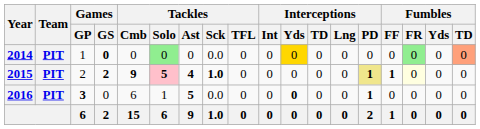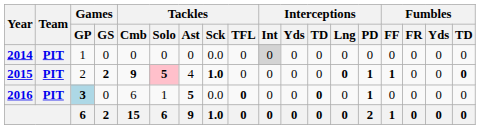 <table class="wikitable" style="text-align:center">
 <tr>
 <th rowspan="2">Year</th>
 <th rowspan="2">Team</th>
 <th colspan="2">Games</th>
 <th colspan="5">Tackles</th>
 <th colspan="5">Interceptions</th>
 <th colspan="4">Fumbles</th>
 </tr>
 <tr>
 <th>GP</th>
 <th>GS</th>
 <th>Cmb</th>
 <th>Solo</th>
 <th>Ast</th>
 <th>Sck</th>
 <th>TFL</th>
 <th>Int</th>
 <th>Yds</th>
 <th>TD</th>
 <th>Lng</th>
 <th>PD</th>
 <th>FF</th>
 <th>FR</th>
 <th>Yds</th>
 <th>TD</th>
 </tr>
 <tr>
 <th><a href='#'>2014</a></th>
 <th><a href='#'>PIT</a></th>
 <td>1</td>
-<td><strong>0</strong></td>
-<td>0</td>
-<td style="background: lightgreen;">0</td>
-<td>0</td>
-<td>0.0</td>
-<td>0</td>
-<td>0</td>
-<td style="background: gold;">0</td>
 <td>0</td>
 <td>0</td>
 <td>0</td>
 <td>0</td>
-<td style="background: lightgreen;">0</td>
+<td>0.0</td>
 <td>0</td>
-<td style="background: lightsalmon;">0</td>
+<td style="background: lightgrey;">0</td>
+<td>0</td>
+<td>0</td>
+<td>0</td>
+<td>0</td>
+<td>0</td>
+<td>0</td>
+<td>0</td>
+<td>0</td>
 </tr>
 <tr>
 <th><a href='#'>2015</a></th>
 <th><a href='#'>PIT</a></th>
 <td>2</td>
 <td><strong>2</strong></td>
 <td><strong>9</strong></td>
 <td style="background: pink;"><strong>5</strong></td>
-<td><strong>4</strong></td>
+<td>4</td>
 <td><strong>1.0</strong></td>
 <td>0</td>
 <td>0</td>
 <td>0</td>
 <td>0</td>
-<td>0</td>
-<td style="background: khaki;"><strong>1</strong></td>
+<td><strong>0</strong></td>
 <td><strong>1</strong></td>
-<td style="background: lightyellow;">0</td>
+<td><strong>1</strong></td>
 <td>0</td>
 <td>0</td>
+<td><strong>0</strong></td>
 </tr>
 <tr>
 <th><a href='#'>2016</a></th>
 <th><a href='#'>PIT</a></th>
-<td><strong>3</strong></td>
+<td style="background: lightblue;"><strong>3</strong></td>
 <td>0</td>
 <td>6</td>
 <td>1</td>
 <td><strong>5</strong></td>
 <td>0.0</td>
+<td><strong>0</strong></td>
 <td>0</td>
 <td>0</td>
 <td><strong>0</strong></td>
-<td>0</td>
 <td>0</td>
 <td><strong>1</strong></td>
 <td>0</td>
 <td>0</td>
 <td>0</td>
 <td>0</td>
 </tr>
 <tr>
 <th colspan="2"></th>
 <th>6</th>
 <th>2</th>
 <th>15</th>
 <th>6</th>
 <th>9</th>
 <th>1.0</th>
 <th>0</th>
 <th>0</th>
 <th>0</th>
 <th>0</th>
 <th>0</th>
 <th>2</th>
 <th>1</th>
 <th>0</th>
 <th>0</th>
 <th>0</th>
 </tr>
 </table>
